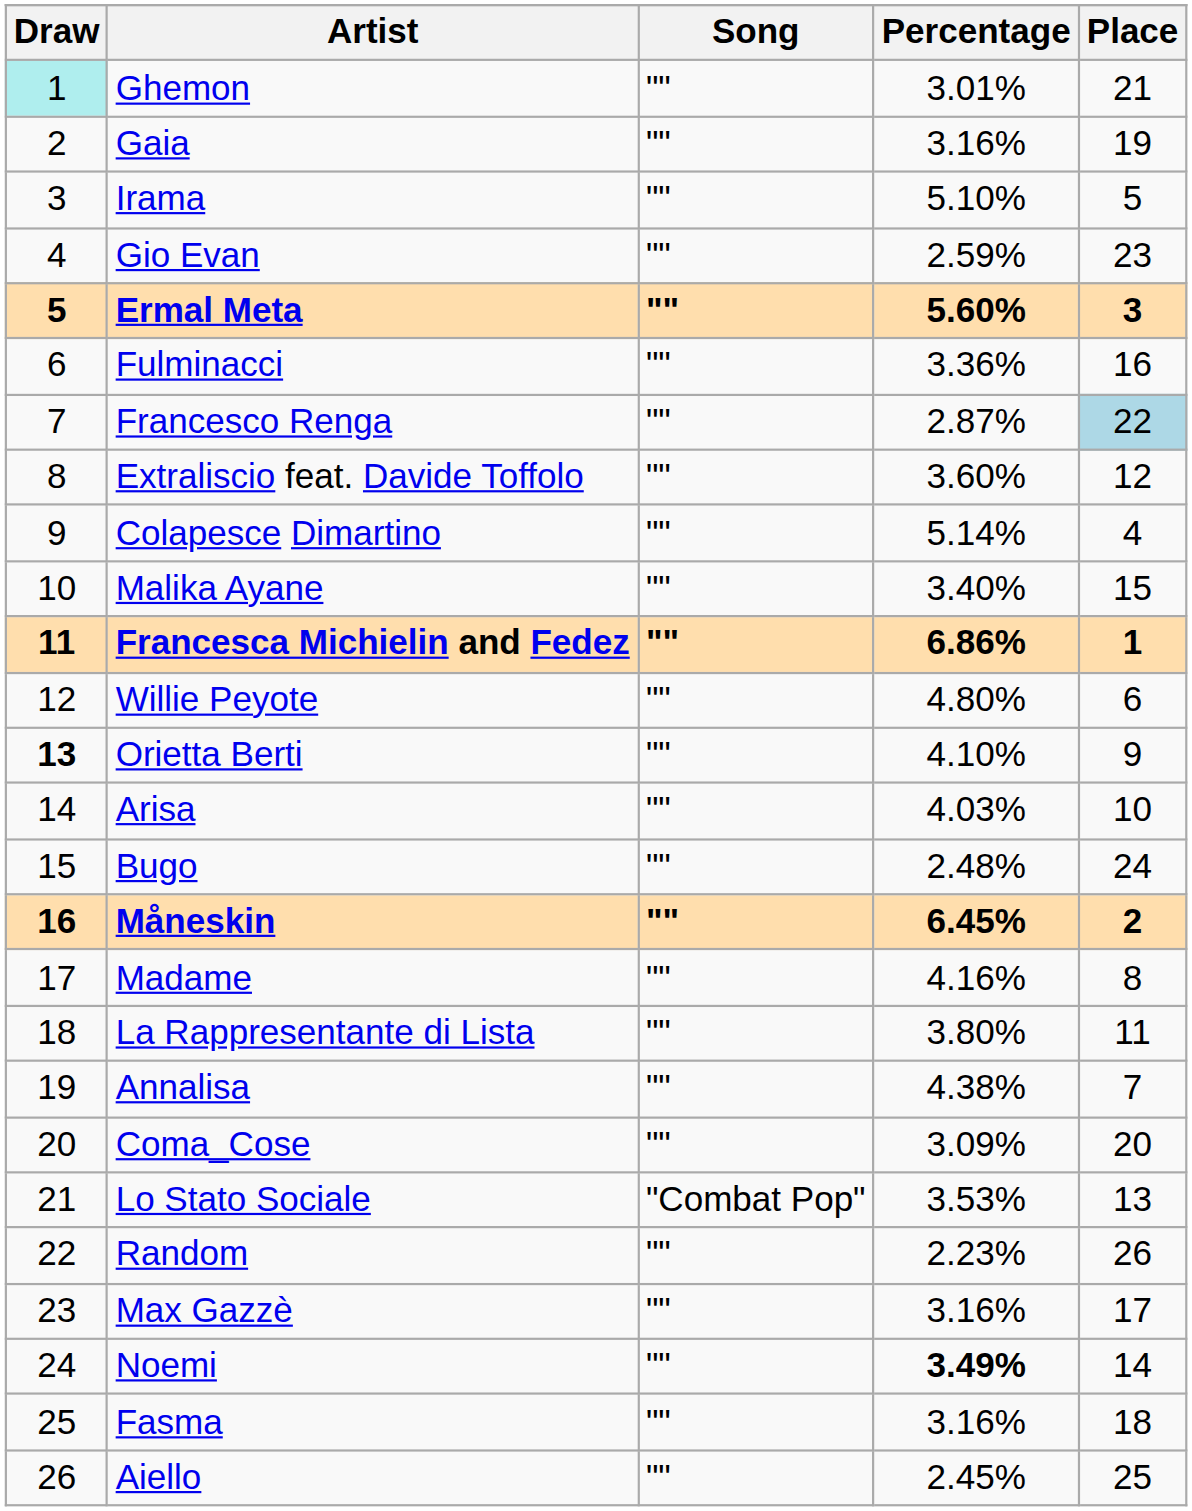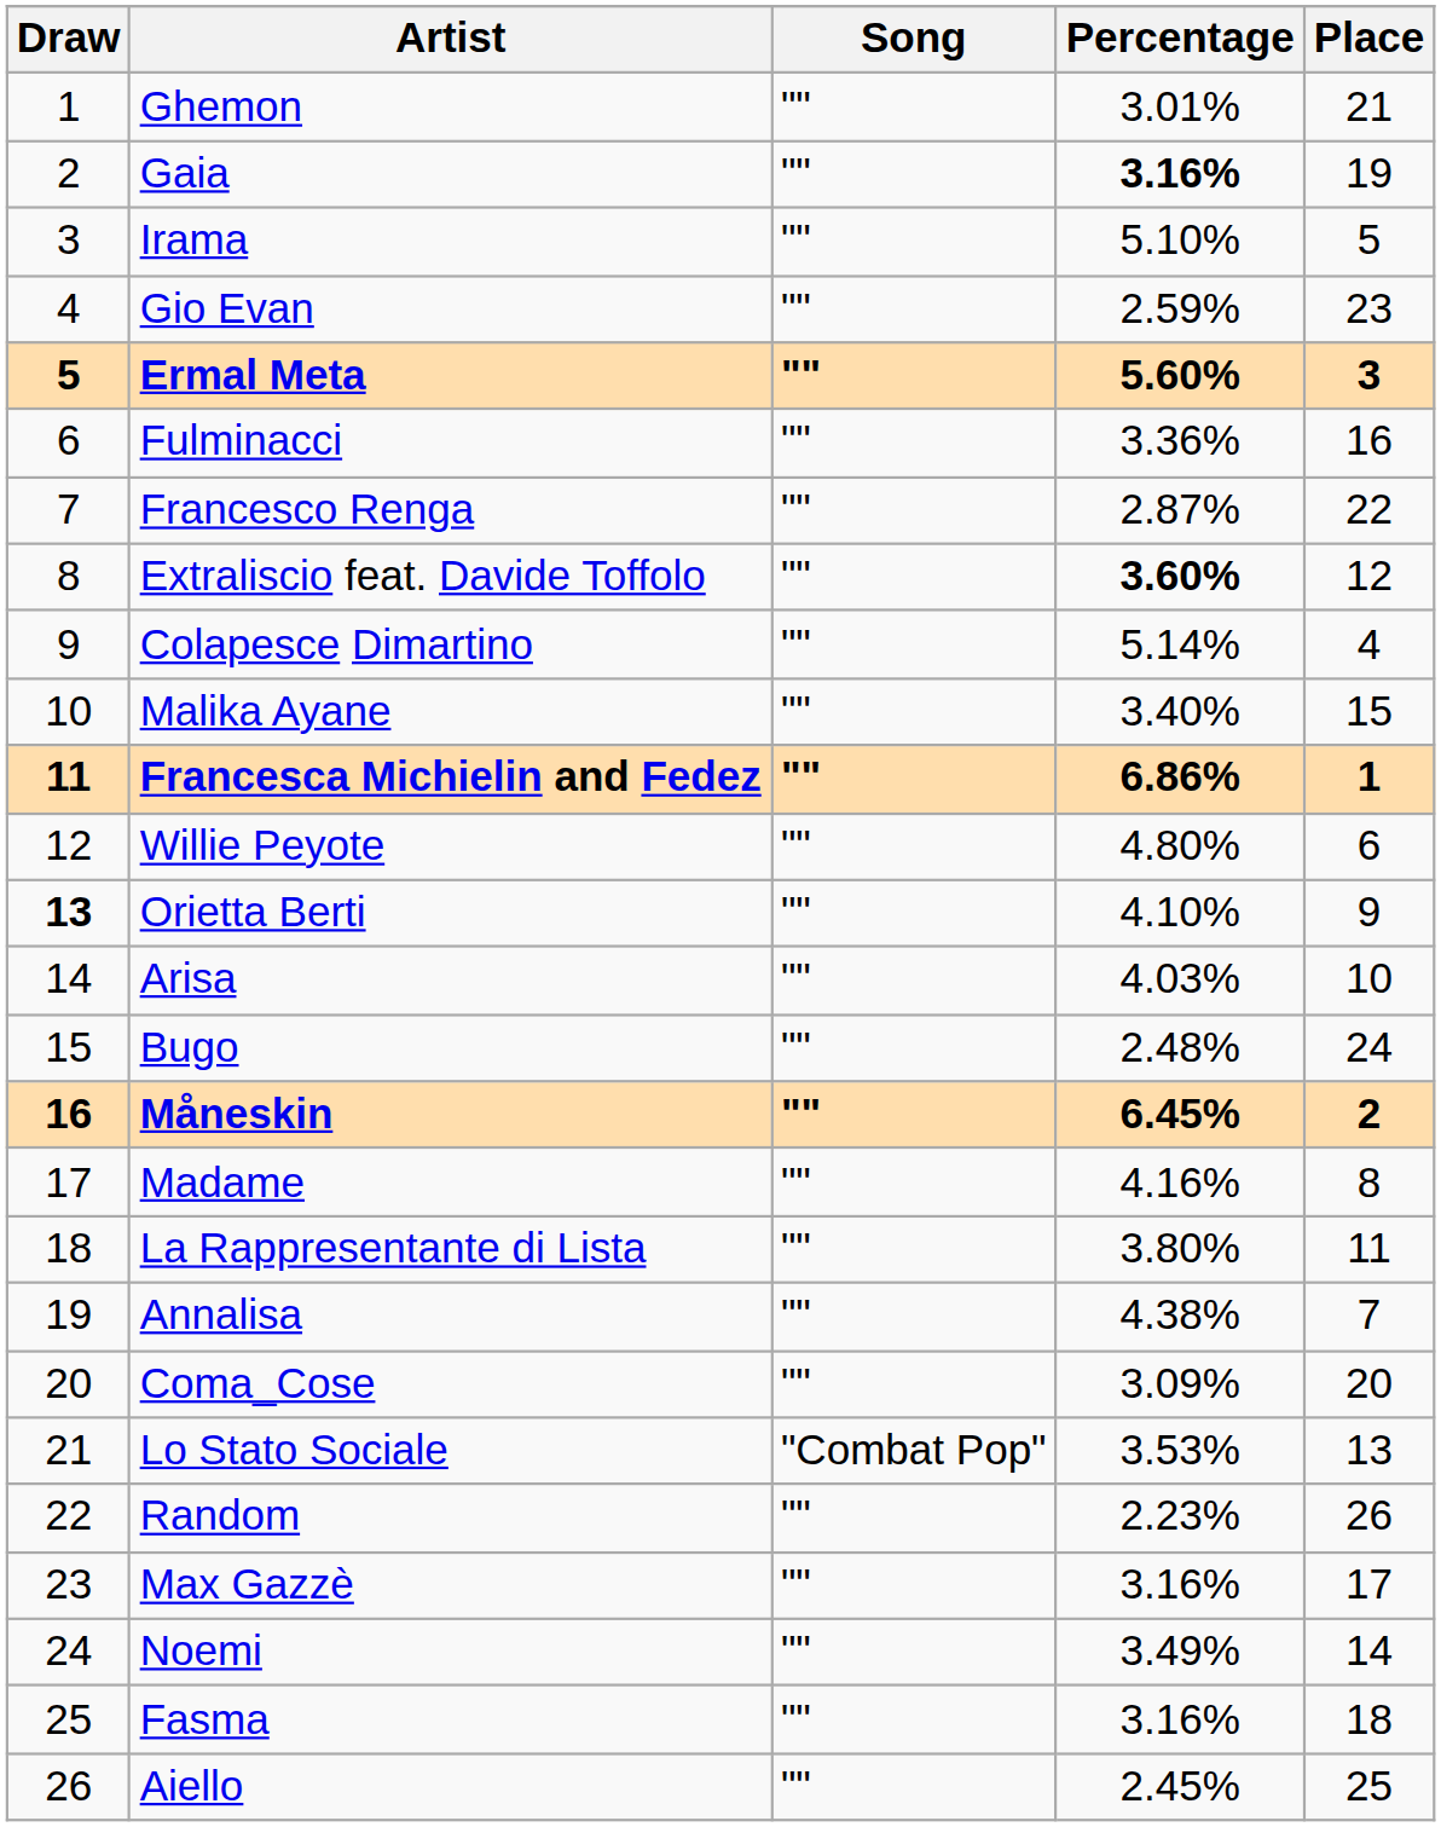 <table class="sortable wikitable" style="margin: 1em auto 1em auto; text-align:center">
 <tr>
 </tr>
 <tr>
 <th>Draw</th>
 <th>Artist</th>
 <th>Song</th>
 <th>Percentage</th>
 <th>Place</th>
 </tr>
 <tr>
-<td style="background: paleturquoise;">1</td>
+<td>1</td>
 <td align="left"><a href='#'>Ghemon</a></td>
 <td align="left">""</td>
 <td>3.01%</td>
 <td>21</td>
 </tr>
 <tr>
 <td>2</td>
 <td align="left"><a href='#'>Gaia</a></td>
 <td align="left">""</td>
-<td>3.16%</td>
+<td><strong>3.16%</strong></td>
 <td>19</td>
 </tr>
 <tr>
 <td>3</td>
 <td align="left"><a href='#'>Irama</a></td>
 <td align="left">""</td>
 <td>5.10%</td>
 <td>5</td>
 </tr>
 <tr>
 <td>4</td>
 <td align="left"><a href='#'>Gio Evan</a></td>
 <td align="left">""</td>
 <td>2.59%</td>
 <td>23</td>
 </tr>
 <tr style="font-weight:bold; background:navajowhite;">
 <td>5</td>
 <td align="left"><a href='#'>Ermal Meta</a></td>
 <td align="left">""</td>
 <td>5.60%</td>
 <td>3</td>
 </tr>
 <tr>
 <td>6</td>
 <td align="left"><a href='#'>Fulminacci</a></td>
 <td align="left">""</td>
 <td>3.36%</td>
 <td>16</td>
 </tr>
 <tr>
 <td>7</td>
 <td align="left"><a href='#'>Francesco Renga</a></td>
 <td align="left">""</td>
 <td>2.87%</td>
-<td style="background: lightblue;">22</td>
+<td>22</td>
 </tr>
 <tr>
 <td>8</td>
 <td align="left"><a href='#'>Extraliscio</a> feat. <a href='#'>Davide Toffolo</a></td>
 <td align="left">""</td>
-<td>3.60%</td>
+<td><strong>3.60%</strong></td>
 <td>12</td>
 </tr>
 <tr>
 <td>9</td>
 <td align="left"><a href='#'>Colapesce</a> <a href='#'>Dimartino</a></td>
 <td align="left">""</td>
 <td>5.14%</td>
 <td>4</td>
 </tr>
 <tr>
 <td>10</td>
 <td align="left"><a href='#'>Malika Ayane</a></td>
 <td align="left">""</td>
 <td>3.40%</td>
 <td>15</td>
 </tr>
 <tr style="font-weight:bold; background:navajowhite;">
 <td>11</td>
 <td align="left"><a href='#'>Francesca Michielin</a> and <a href='#'>Fedez</a></td>
 <td align="left">""</td>
 <td>6.86%</td>
 <td>1</td>
 </tr>
 <tr>
 <td>12</td>
 <td align="left"><a href='#'>Willie Peyote</a></td>
 <td align="left">""</td>
 <td>4.80%</td>
 <td>6</td>
 </tr>
 <tr>
 <td><strong>13</strong></td>
 <td align="left"><a href='#'>Orietta Berti</a></td>
 <td align="left">""</td>
 <td>4.10%</td>
 <td>9</td>
 </tr>
 <tr>
 <td>14</td>
 <td align="left"><a href='#'>Arisa</a></td>
 <td align="left">""</td>
 <td>4.03%</td>
 <td>10</td>
 </tr>
 <tr>
 <td>15</td>
 <td align="left"><a href='#'>Bugo</a></td>
 <td align="left">""</td>
 <td>2.48%</td>
 <td>24</td>
 </tr>
 <tr style="font-weight:bold; background:navajowhite;">
 <td>16</td>
 <td align="left"><a href='#'>Måneskin</a></td>
 <td align="left">""</td>
 <td>6.45%</td>
 <td>2</td>
 </tr>
 <tr>
 <td>17</td>
 <td align="left"><a href='#'>Madame</a></td>
 <td align="left">""</td>
 <td>4.16%</td>
 <td>8</td>
 </tr>
 <tr>
 <td>18</td>
 <td align="left"><a href='#'>La Rappresentante di Lista</a></td>
 <td align="left">""</td>
 <td>3.80%</td>
 <td>11</td>
 </tr>
 <tr>
 <td>19</td>
 <td align="left"><a href='#'>Annalisa</a></td>
 <td align="left">""</td>
 <td>4.38%</td>
 <td>7</td>
 </tr>
 <tr>
 <td>20</td>
 <td align="left"><a href='#'>Coma_Cose</a></td>
 <td align="left">""</td>
 <td>3.09%</td>
 <td>20</td>
 </tr>
 <tr>
 <td>21</td>
 <td align="left"><a href='#'>Lo Stato Sociale</a></td>
 <td align="left">"Combat Pop"</td>
 <td>3.53%</td>
 <td>13</td>
 </tr>
 <tr>
 <td>22</td>
 <td align="left"><a href='#'>Random</a></td>
 <td align="left">""</td>
 <td>2.23%</td>
 <td>26</td>
 </tr>
 <tr>
 <td>23</td>
 <td align="left"><a href='#'>Max Gazzè</a></td>
 <td align="left">""</td>
 <td>3.16%</td>
 <td>17</td>
 </tr>
 <tr>
 <td>24</td>
 <td align="left"><a href='#'>Noemi</a></td>
 <td align="left">""</td>
-<td><strong>3.49%</strong></td>
+<td>3.49%</td>
 <td>14</td>
 </tr>
 <tr>
 <td>25</td>
 <td align="left"><a href='#'>Fasma</a></td>
 <td align="left">""</td>
 <td>3.16%</td>
 <td>18</td>
 </tr>
 <tr>
 <td>26</td>
 <td align="left"><a href='#'>Aiello</a></td>
 <td align="left">""</td>
 <td>2.45%</td>
 <td>25</td>
 </tr>
 </table>
